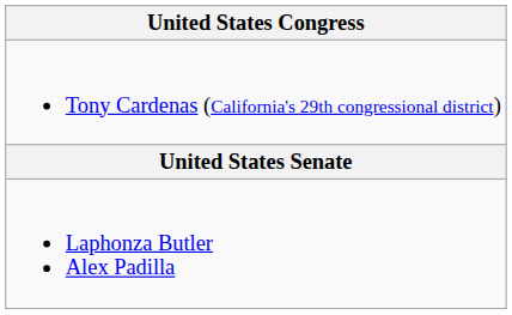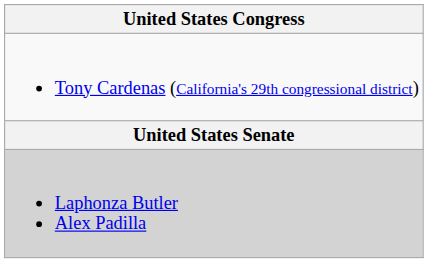 <table class="wikitable">
 <tr>
 <th>United States Congress</th>
 </tr>
 <tr>
 <td><br><ul><li><a href='#'>Tony Cardenas</a> (<a href='#'><small>California's 29th congressional district</small></a>)</li></ul></td>
 </tr>
 <tr>
 <th>United States Senate</th>
 </tr>
 <tr>
-<td><br><ul><li><a href='#'>Laphonza Butler</a></li><li><a href='#'>Alex Padilla</a></li></ul></td>
+<td style="background: lightgrey;"><br><ul><li><a href='#'>Laphonza Butler</a></li><li><a href='#'>Alex Padilla</a></li></ul></td>
 </tr>
 </table>
